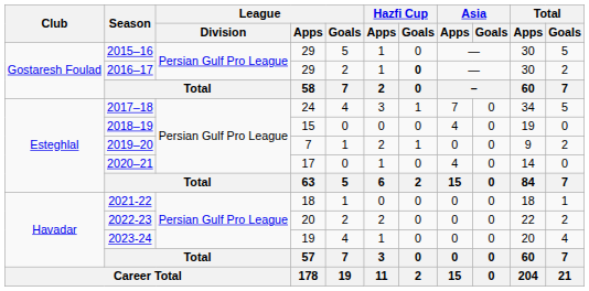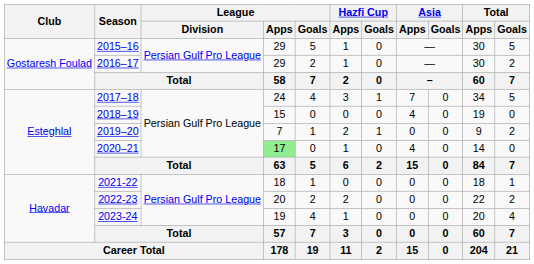 <table class="wikitable" style="text-align: center;">
 <tr>
 <th rowspan="2">Club</th>
 <th rowspan="2">Season</th>
 <th colspan="3">League</th>
 <th colspan="2"><a href='#'>Hazfi Cup</a></th>
 <th colspan="2"><a href='#'>Asia</a></th>
 <th colspan="2">Total</th>
 </tr>
 <tr>
 <th>Division</th>
 <th>Apps</th>
 <th>Goals</th>
 <th>Apps</th>
 <th>Goals</th>
 <th>Apps</th>
 <th>Goals</th>
 <th>Apps</th>
 <th>Goals</th>
 </tr>
 <tr>
 <td rowspan="3"><a href='#'>Gostaresh Foulad</a></td>
 <td><a href='#'>2015–16</a></td>
 <td rowspan="2"><a href='#'>Persian Gulf Pro League</a></td>
 <td>29</td>
 <td>5</td>
 <td>1</td>
 <td>0</td>
 <td colspan="2">—</td>
 <td>30</td>
 <td>5</td>
 </tr>
 <tr>
 <td><a href='#'>2016–17</a></td>
 <td>29</td>
 <td>2</td>
 <td>1</td>
-<td><strong>0</strong></td>
+<td>0</td>
 <td colspan="2">—</td>
 <td>30</td>
 <td>2</td>
 </tr>
 <tr>
 <th colspan="2">Total</th>
 <th>58</th>
 <th>7</th>
 <th>2</th>
 <th>0</th>
 <th colspan="2">–</th>
 <th>60</th>
 <th>7</th>
 </tr>
 <tr>
 <td rowspan="5"><a href='#'>Esteghlal</a></td>
 <td><a href='#'>2017–18</a></td>
 <td rowspan="4">Persian Gulf Pro League</td>
 <td>24</td>
 <td>4</td>
 <td>3</td>
 <td>1</td>
 <td>7</td>
 <td>0</td>
 <td>34</td>
 <td>5</td>
 </tr>
 <tr>
 <td><a href='#'>2018–19</a></td>
 <td>15</td>
 <td>0</td>
 <td>0</td>
 <td>0</td>
 <td>4</td>
 <td>0</td>
 <td>19</td>
 <td>0</td>
 </tr>
 <tr>
 <td><a href='#'>2019–20</a></td>
 <td>7</td>
 <td>1</td>
 <td>2</td>
 <td>1</td>
 <td>0</td>
 <td>0</td>
 <td>9</td>
 <td>2</td>
 </tr>
 <tr>
 <td><a href='#'>2020–21</a></td>
-<td>17</td>
+<td style="background: lightgreen;">17</td>
 <td>0</td>
 <td>1</td>
 <td>0</td>
 <td>4</td>
 <td>0</td>
 <td>14</td>
 <td>0</td>
 </tr>
 <tr>
 <th colspan="2">Total</th>
 <th>63</th>
 <th>5</th>
 <th>6</th>
 <th>2</th>
 <th>15</th>
 <th>0</th>
 <th>84</th>
 <th>7</th>
 </tr>
 <tr>
 <td rowspan="4"><a href='#'>Havadar</a></td>
 <td><a href='#'>2021-22</a></td>
 <td rowspan="3"><a href='#'>Persian Gulf Pro League</a></td>
 <td>18</td>
 <td>1</td>
 <td>0</td>
 <td>0</td>
 <td>0</td>
 <td>0</td>
 <td>18</td>
 <td>1</td>
 </tr>
 <tr>
 <td><a href='#'>2022-23</a></td>
 <td>20</td>
 <td>2</td>
 <td>2</td>
 <td>0</td>
 <td>0</td>
 <td>0</td>
 <td>22</td>
 <td>2</td>
 </tr>
 <tr>
 <td><a href='#'>2023-24</a></td>
 <td>19</td>
 <td>4</td>
 <td>1</td>
 <td>0</td>
 <td>0</td>
 <td>0</td>
 <td>20</td>
 <td>4</td>
 </tr>
 <tr>
 <th colspan=2>Total</th>
 <th>57</th>
 <th>7</th>
 <th>3</th>
 <th>0</th>
 <th>0</th>
 <th>0</th>
 <th>60</th>
 <th>7</th>
 </tr>
 <tr>
 <th colspan="3">Career Total</th>
 <th>178</th>
 <th>19</th>
 <th>11</th>
 <th>2</th>
 <th>15</th>
 <th>0</th>
 <th>204</th>
 <th>21</th>
 </tr>
 </table>
